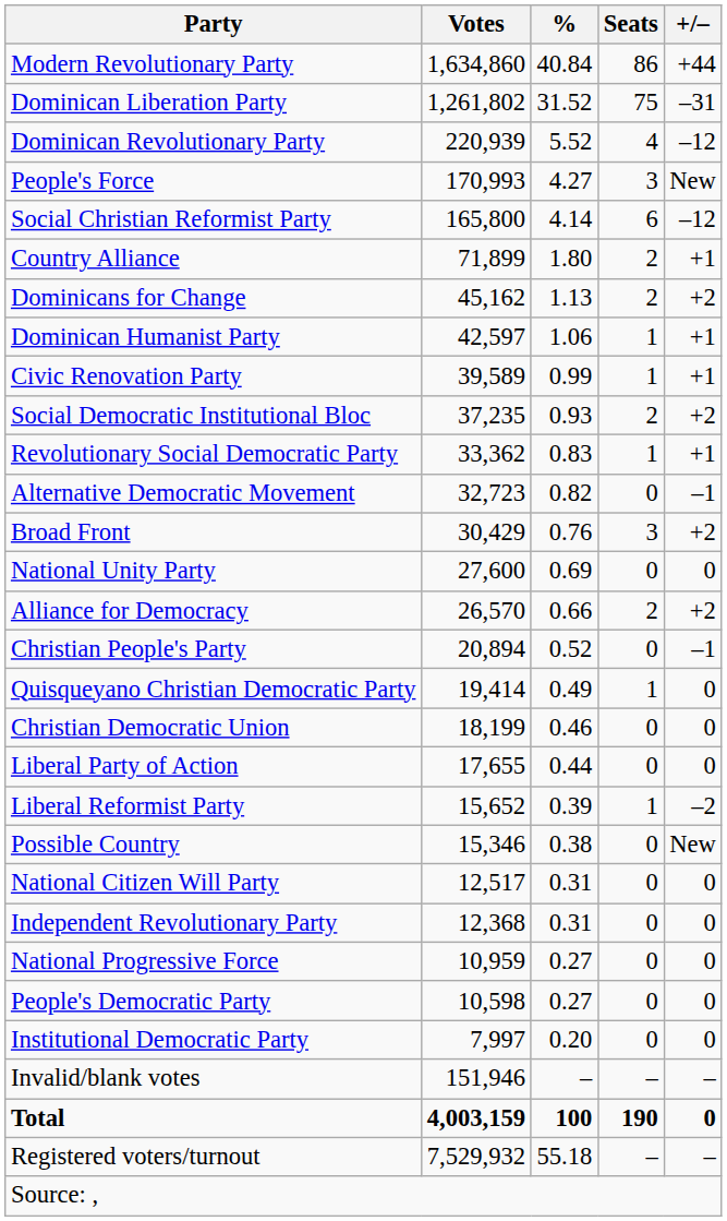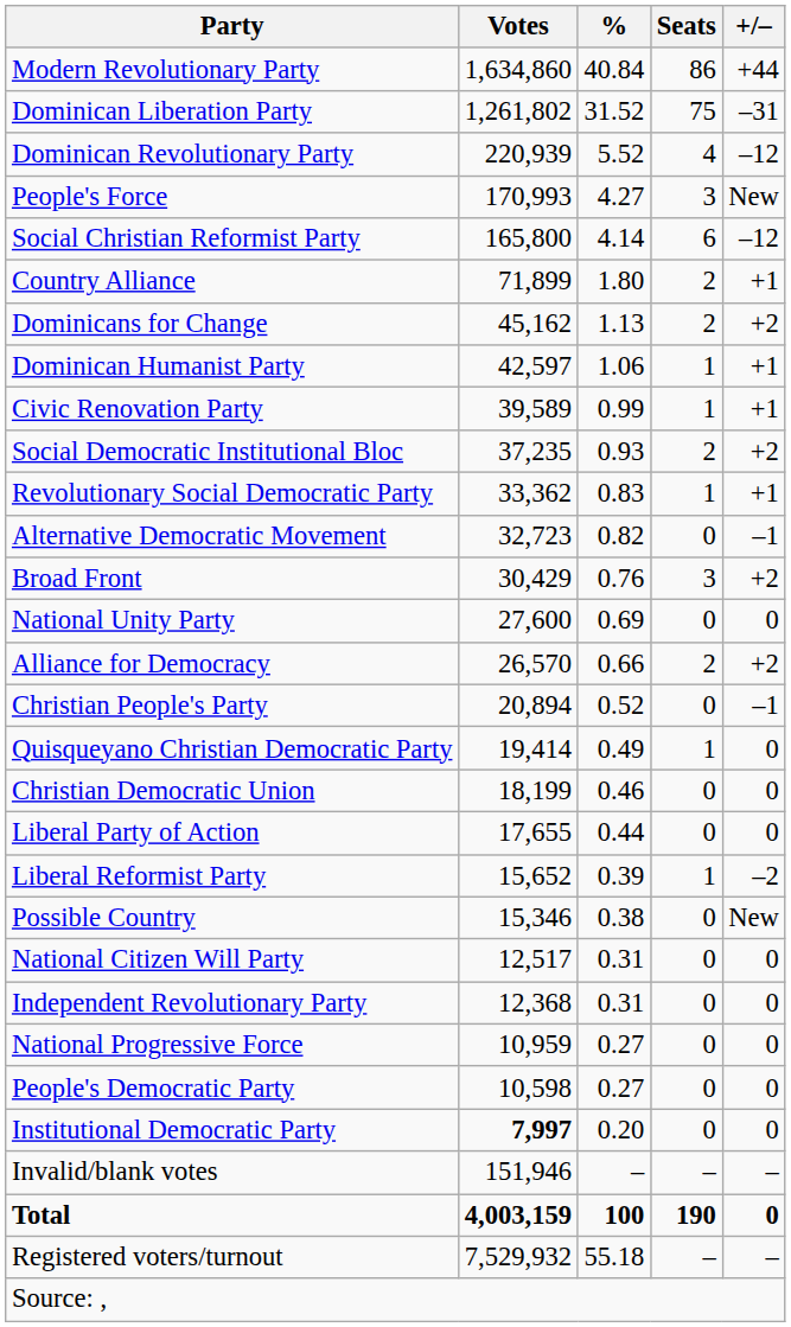 <table class=wikitable style=text-align:right>
 <tr>
 <th>Party</th>
 <th>Votes</th>
 <th>%</th>
 <th>Seats</th>
 <th>+/–</th>
 </tr>
 <tr>
 <td align=left><a href='#'>Modern Revolutionary Party</a></td>
 <td>1,634,860</td>
 <td>40.84</td>
 <td>86</td>
 <td>+44</td>
 </tr>
 <tr>
 <td align=left><a href='#'>Dominican Liberation Party</a></td>
 <td>1,261,802</td>
 <td>31.52</td>
 <td>75</td>
 <td>–31</td>
 </tr>
 <tr>
 <td align=left><a href='#'>Dominican Revolutionary Party</a></td>
 <td>220,939</td>
 <td>5.52</td>
 <td>4</td>
 <td>–12</td>
 </tr>
 <tr>
 <td align=left><a href='#'>People's Force</a></td>
 <td>170,993</td>
 <td>4.27</td>
 <td>3</td>
 <td>New</td>
 </tr>
 <tr>
 <td align=left><a href='#'>Social Christian Reformist Party</a></td>
 <td>165,800</td>
 <td>4.14</td>
 <td>6</td>
 <td>–12</td>
 </tr>
 <tr>
 <td align=left><a href='#'>Country Alliance</a></td>
 <td>71,899</td>
 <td>1.80</td>
 <td>2</td>
 <td>+1</td>
 </tr>
 <tr>
 <td align=left><a href='#'>Dominicans for Change</a></td>
 <td>45,162</td>
 <td>1.13</td>
 <td>2</td>
 <td>+2</td>
 </tr>
 <tr>
 <td align=left><a href='#'>Dominican Humanist Party</a></td>
 <td>42,597</td>
 <td>1.06</td>
 <td>1</td>
 <td>+1</td>
 </tr>
 <tr>
 <td align=left><a href='#'>Civic Renovation Party</a></td>
 <td>39,589</td>
 <td>0.99</td>
 <td>1</td>
 <td>+1</td>
 </tr>
 <tr>
 <td align=left><a href='#'>Social Democratic Institutional Bloc</a></td>
 <td>37,235</td>
 <td>0.93</td>
 <td>2</td>
 <td>+2</td>
 </tr>
 <tr>
 <td align=left><a href='#'>Revolutionary Social Democratic Party</a></td>
 <td>33,362</td>
 <td>0.83</td>
 <td>1</td>
 <td>+1</td>
 </tr>
 <tr>
 <td align=left><a href='#'>Alternative Democratic Movement</a></td>
 <td>32,723</td>
 <td>0.82</td>
 <td>0</td>
 <td>–1</td>
 </tr>
 <tr>
 <td align=left><a href='#'>Broad Front</a></td>
 <td>30,429</td>
 <td>0.76</td>
 <td>3</td>
 <td>+2</td>
 </tr>
 <tr>
 <td align=left><a href='#'>National Unity Party</a></td>
 <td>27,600</td>
 <td>0.69</td>
 <td>0</td>
 <td>0</td>
 </tr>
 <tr>
 <td align=left><a href='#'>Alliance for Democracy</a></td>
 <td>26,570</td>
 <td>0.66</td>
 <td>2</td>
 <td>+2</td>
 </tr>
 <tr>
 <td align=left><a href='#'>Christian People's Party</a></td>
 <td>20,894</td>
 <td>0.52</td>
 <td>0</td>
 <td>–1</td>
 </tr>
 <tr>
 <td align=left><a href='#'>Quisqueyano Christian Democratic Party</a></td>
 <td>19,414</td>
 <td>0.49</td>
 <td>1</td>
 <td>0</td>
 </tr>
 <tr>
 <td align=left><a href='#'>Christian Democratic Union</a></td>
 <td>18,199</td>
 <td>0.46</td>
 <td>0</td>
 <td>0</td>
 </tr>
 <tr>
 <td align=left><a href='#'>Liberal Party of Action</a></td>
 <td>17,655</td>
 <td>0.44</td>
 <td>0</td>
 <td>0</td>
 </tr>
 <tr>
 <td align=left><a href='#'>Liberal Reformist Party</a></td>
 <td>15,652</td>
 <td>0.39</td>
 <td>1</td>
 <td>–2</td>
 </tr>
 <tr>
 <td align=left><a href='#'>Possible Country</a></td>
 <td>15,346</td>
 <td>0.38</td>
 <td>0</td>
 <td>New</td>
 </tr>
 <tr>
 <td align=left><a href='#'>National Citizen Will Party</a></td>
 <td>12,517</td>
 <td>0.31</td>
 <td>0</td>
 <td>0</td>
 </tr>
 <tr>
 <td align=left><a href='#'>Independent Revolutionary Party</a></td>
 <td>12,368</td>
 <td>0.31</td>
 <td>0</td>
 <td>0</td>
 </tr>
 <tr>
 <td align=left><a href='#'>National Progressive Force</a></td>
 <td>10,959</td>
 <td>0.27</td>
 <td>0</td>
 <td>0</td>
 </tr>
 <tr>
 <td align=left><a href='#'>People's Democratic Party</a></td>
 <td>10,598</td>
 <td>0.27</td>
 <td>0</td>
 <td>0</td>
 </tr>
 <tr>
 <td align=left><a href='#'>Institutional Democratic Party</a></td>
-<td>7,997</td>
+<td><strong>7,997</strong></td>
 <td>0.20</td>
 <td>0</td>
 <td>0</td>
 </tr>
 <tr>
 <td align=left>Invalid/blank votes</td>
 <td>151,946</td>
 <td>–</td>
 <td>–</td>
 <td>–</td>
 </tr>
 <tr>
 <td align=left><strong>Total</strong></td>
 <td><strong>4,003,159 </strong></td>
 <td><strong>100</strong></td>
 <td><strong>190</strong></td>
 <td><strong>0</strong></td>
 </tr>
 <tr>
 <td align=left>Registered voters/turnout</td>
 <td>7,529,932</td>
 <td>55.18</td>
 <td>–</td>
 <td>–</td>
 </tr>
 <tr>
 <td align=left colspan=7>Source: , </td>
 </tr>
 </table>
